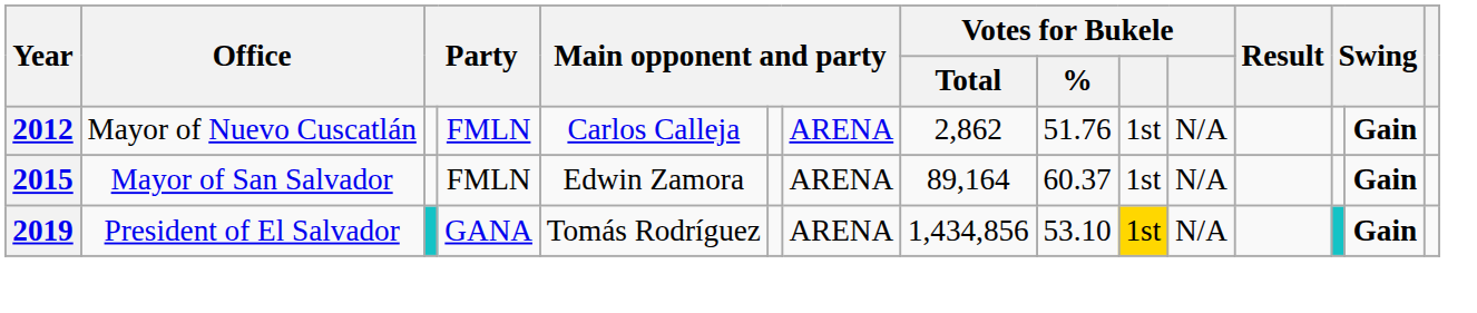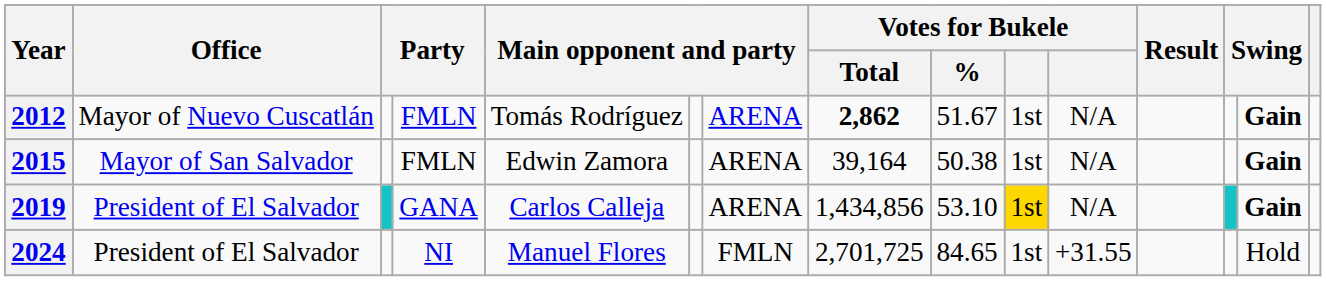 <table class="wikitable" style="font-size:90%; text-align:center;">
 <tr>
 <th rowspan="2">Year</th>
 <th rowspan="2">Office</th>
 <th colspan="2" rowspan="2">Party</th>
 <th colspan="3" rowspan="2">Main opponent and party</th>
 <th colspan="4">Votes for Bukele</th>
 <th rowspan="2">Result</th>
 <th colspan="2" rowspan="2">Swing</th>
 <th rowspan="2"></th>
 </tr>
 <tr>
 <th>Total</th>
 <th>%</th>
 <th></th>
 <th></th>
 </tr>
 <tr>
 <th><a href='#'>2012</a></th>
 <td>Mayor of <a href='#'>Nuevo Cuscatlán</a></td>
 <td style="background-color:"></td>
 <td><a href='#'>FMLN</a></td>
-<td><a href='#'>Carlos Calleja</a></td>
+<td>Tomás Rodríguez</td>
 <td style="background-color:"></td>
 <td><a href='#'>ARENA</a></td>
-<td>2,862</td>
-<td>51.76</td>
+<td><strong>2,862</strong></td>
+<td>51.67</td>
 <td>1st</td>
 <td>N/A</td>
 <td></td>
 <td style="background-color:"></td>
 <td><strong>Gain</strong></td>
 <td></td>
 </tr>
 <tr>
 <th><a href='#'>2015</a></th>
 <td><a href='#'>Mayor of San Salvador</a></td>
 <td style="background-color:"></td>
 <td>FMLN</td>
 <td>Edwin Zamora</td>
 <td style="background-color:"></td>
 <td>ARENA</td>
-<td>89,164</td>
-<td>60.37</td>
+<td>39,164</td>
+<td>50.38</td>
 <td>1st</td>
 <td>N/A</td>
 <td></td>
 <td style="background-color:"></td>
 <td><strong>Gain</strong></td>
 <td></td>
 </tr>
 <tr>
 <th><a href='#'>2019</a></th>
 <td><a href='#'>President of El Salvador</a></td>
 <td style="background-color:#13C3C6;"></td>
 <td><a href='#'>GANA</a></td>
-<td>Tomás Rodríguez</td>
+<td><a href='#'>Carlos Calleja</a></td>
 <td style="background-color:"></td>
 <td>ARENA</td>
 <td>1,434,856</td>
 <td>53.10</td>
 <td style="background: gold;">1st</td>
 <td>N/A</td>
 <td></td>
 <td style="background-color:#13C3C6;"></td>
 <td><strong>Gain</strong></td>
 <td></td>
 </tr>
+<tr>
+<th><a href='#'>2024</a></th>
+<td>President of El Salvador</td>
+<td style="background-color:"></td>
+<td><a href='#'>NI</a></td>
+<td><a href='#'>Manuel Flores</a></td>
+<td style="background-color:"></td>
+<td>FMLN</td>
+<td>2,701,725</td>
+<td>84.65</td>
+<td>1st</td>
+<td>+31.55</td>
+<td></td>
+<td style="background-color:"></td>
+<td>Hold</td>
+<td></td>
+</tr>
 </table>
